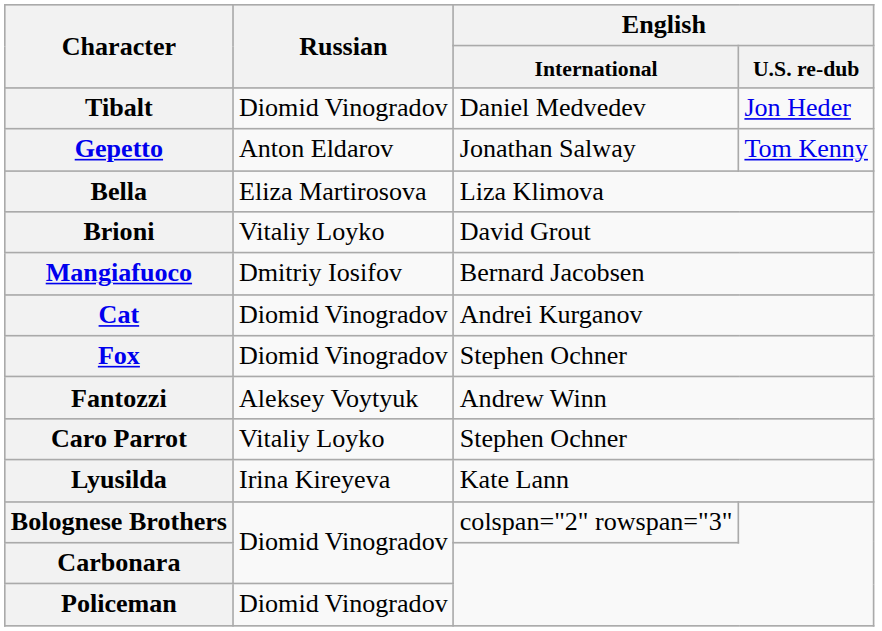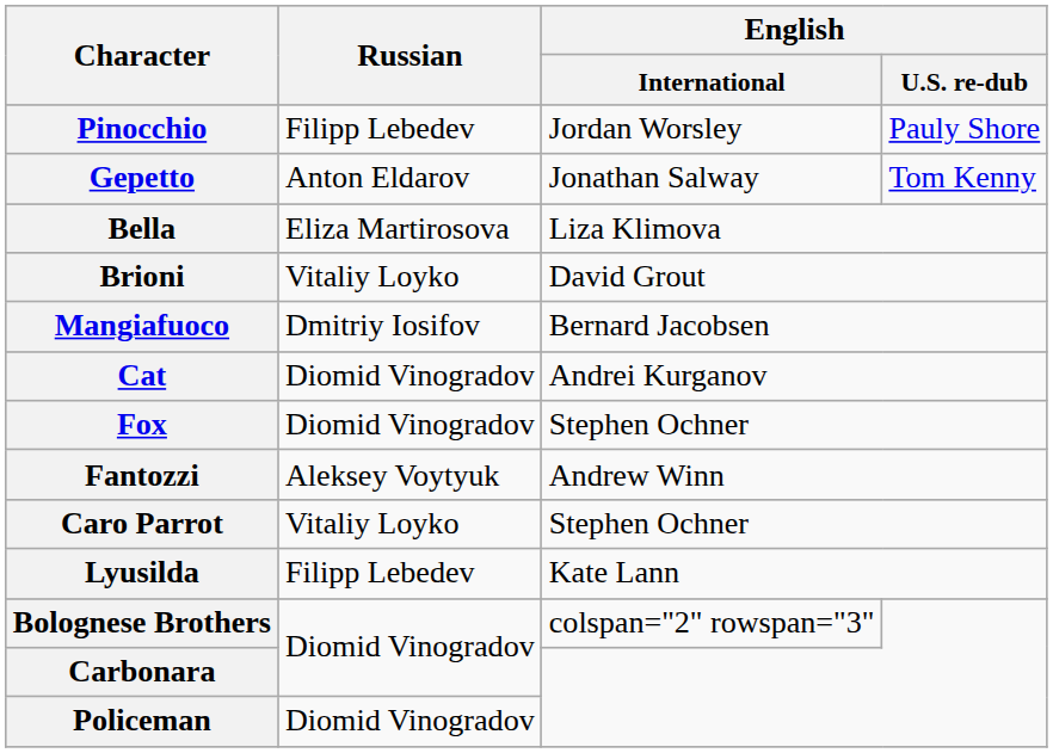 <table class="wikitable mw-collapsible">
 <tr>
 <th rowspan="2">Character</th>
 <th rowspan="2">Russian</th>
 <th colspan="2">English</th>
 </tr>
 <tr>
 <th><small>International</small></th>
 <th><small>U.S. re-dub</small></th>
 </tr>
 <tr>
-<th>Tibalt</th>
-<td>Diomid Vinogradov</td>
-<td>Daniel Medvedev</td>
-<td><a href='#'>Jon Heder</a></td>
+<th><a href='#'>Pinocchio</a></th>
+<td>Filipp Lebedev</td>
+<td>Jordan Worsley</td>
+<td><a href='#'>Pauly Shore</a></td>
 </tr>
 <tr>
 <th><a href='#'>Gepetto</a></th>
 <td>Anton Eldarov</td>
 <td>Jonathan Salway</td>
 <td><a href='#'>Tom Kenny</a></td>
 </tr>
 <tr>
 <th>Bella</th>
 <td>Eliza Martirosova</td>
 <td colspan="2">Liza Klimova</td>
 </tr>
 <tr>
 <th>Brioni</th>
 <td>Vitaliy Loyko</td>
 <td colspan="2">David Grout</td>
 </tr>
 <tr>
 <th><a href='#'>Mangiafuoco</a></th>
 <td>Dmitriy Iosifov</td>
 <td colspan="2">Bernard Jacobsen</td>
 </tr>
 <tr>
 <th><a href='#'>Cat</a></th>
 <td>Diomid Vinogradov</td>
 <td colspan="2">Andrei Kurganov</td>
 </tr>
 <tr>
 <th><a href='#'>Fox</a></th>
 <td>Diomid Vinogradov</td>
 <td colspan="2">Stephen Ochner</td>
 </tr>
 <tr>
 <th>Fantozzi</th>
 <td>Aleksey Voytyuk</td>
 <td colspan="2">Andrew Winn</td>
 </tr>
 <tr>
 <th>Caro Parrot</th>
 <td>Vitaliy Loyko</td>
 <td colspan="2">Stephen Ochner</td>
 </tr>
 <tr>
 <th>Lyusilda</th>
-<td>Irina Kireyeva</td>
+<td>Filipp Lebedev</td>
 <td colspan="2">Kate Lann</td>
 </tr>
 <tr>
 <th>Bolognese Brothers</th>
 <td rowspan="2">Diomid Vinogradov</td>
 <td>colspan="2" rowspan="3" </td>
 </tr>
 <tr>
 <th>Carbonara</th>
 </tr>
 <tr>
 <th>Policeman</th>
 <td>Diomid Vinogradov</td>
 </tr>
 </table>
